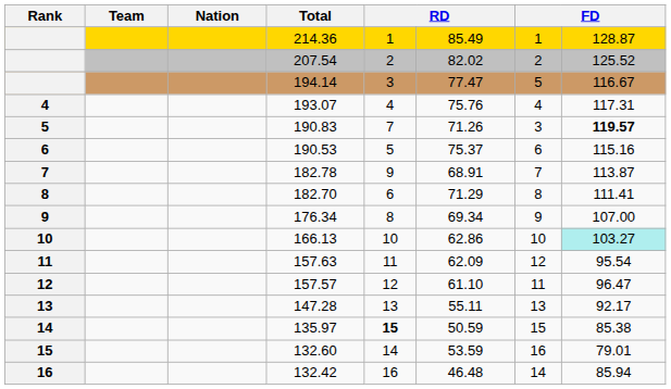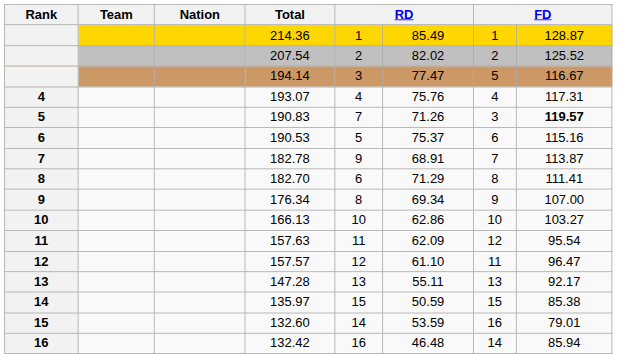 <table class="wikitable sortable" style="text-align:center; width:85%">
 <tr>
 <th scope="col">Rank</th>
 <th scope="col">Team</th>
 <th scope="col">Nation</th>
 <th scope="col">Total</th>
 <th scope="col" colspan="2" width="80px"><a href='#'>RD</a></th>
 <th scope="col" colspan="2" width="80px"><a href='#'>FD</a></th>
 </tr>
 <tr bgcolor="gold">
 <th scope="row"></th>
 <td align="left"></td>
 <td align="left"></td>
 <td align="center">214.36</td>
 <td>1</td>
 <td align="center">85.49</td>
 <td>1</td>
 <td align="center">128.87</td>
 </tr>
 <tr bgcolor="silver">
 <th scope="row"></th>
 <td align="left"></td>
 <td align="left"></td>
 <td align="center">207.54</td>
 <td>2</td>
 <td align="center">82.02</td>
 <td>2</td>
 <td align="center">125.52</td>
 </tr>
 <tr bgcolor="#cc9966">
 <th scope="row"></th>
 <td align="left"></td>
 <td align="left"></td>
 <td align="center">194.14</td>
 <td>3</td>
 <td align="center">77.47</td>
 <td>5</td>
 <td align="center">116.67</td>
 </tr>
 <tr>
 <th scope="row">4</th>
 <td align="left"></td>
 <td align="left"></td>
 <td align="center">193.07</td>
 <td>4</td>
 <td align="center">75.76</td>
 <td>4</td>
 <td align="center">117.31</td>
 </tr>
 <tr>
 <th scope="row">5</th>
 <td align="left"></td>
 <td align="left"></td>
 <td align="center">190.83</td>
 <td>7</td>
 <td align="center">71.26</td>
 <td>3</td>
 <td align="center"><strong>119.57</strong></td>
 </tr>
 <tr>
 <th scope="row">6</th>
 <td align="left"></td>
 <td align="left"></td>
 <td align="center">190.53</td>
 <td>5</td>
 <td align="center">75.37</td>
 <td>6</td>
 <td align="center">115.16</td>
 </tr>
 <tr>
 <th scope="row">7</th>
 <td align="left"></td>
 <td align="left"></td>
 <td align="center">182.78</td>
 <td>9</td>
 <td align="center">68.91</td>
 <td>7</td>
 <td align="center">113.87</td>
 </tr>
 <tr>
 <th scope="row">8</th>
 <td align="left"></td>
 <td align="left"></td>
 <td align="center">182.70</td>
 <td>6</td>
 <td align="center">71.29</td>
 <td>8</td>
 <td align="center">111.41</td>
 </tr>
 <tr>
 <th scope="row">9</th>
 <td align="left"></td>
 <td align="left"></td>
 <td align="center">176.34</td>
 <td>8</td>
 <td align="center">69.34</td>
 <td>9</td>
 <td align="center">107.00</td>
 </tr>
 <tr>
 <th scope="row">10</th>
 <td align="left"></td>
 <td align="left"></td>
 <td align="center">166.13</td>
 <td>10</td>
 <td align="center">62.86</td>
 <td>10</td>
-<td align="center" style="background: paleturquoise;">103.27</td>
+<td align="center">103.27</td>
 </tr>
 <tr>
 <th scope="row">11</th>
 <td align="left"></td>
 <td align="left"></td>
 <td align="center">157.63</td>
 <td>11</td>
 <td align="center">62.09</td>
 <td>12</td>
 <td align="center">95.54</td>
 </tr>
 <tr>
 <th scope="row">12</th>
 <td align="left"></td>
 <td align="left"></td>
 <td align="center">157.57</td>
 <td>12</td>
 <td align="center">61.10</td>
 <td>11</td>
 <td align="center">96.47</td>
 </tr>
 <tr>
 <th scope="row">13</th>
 <td align="left"></td>
 <td align="left"></td>
 <td align="center">147.28</td>
 <td>13</td>
 <td align="center">55.11</td>
 <td>13</td>
 <td align="center">92.17</td>
 </tr>
 <tr>
 <th scope="row">14</th>
 <td align="left"></td>
 <td align="left"></td>
 <td align="center">135.97</td>
-<td><strong>15</strong></td>
+<td>15</td>
 <td align="center">50.59</td>
 <td>15</td>
 <td align="center">85.38</td>
 </tr>
 <tr>
 <th scope="row">15</th>
 <td align="left"></td>
 <td align="left"></td>
 <td align="center">132.60</td>
 <td>14</td>
 <td align="center">53.59</td>
 <td>16</td>
 <td align="center">79.01</td>
 </tr>
 <tr>
 <th scope="row">16</th>
 <td align="left"></td>
 <td align="left"></td>
 <td align="center">132.42</td>
 <td>16</td>
 <td align="center">46.48</td>
 <td>14</td>
 <td align="center">85.94</td>
 </tr>
 </table>
